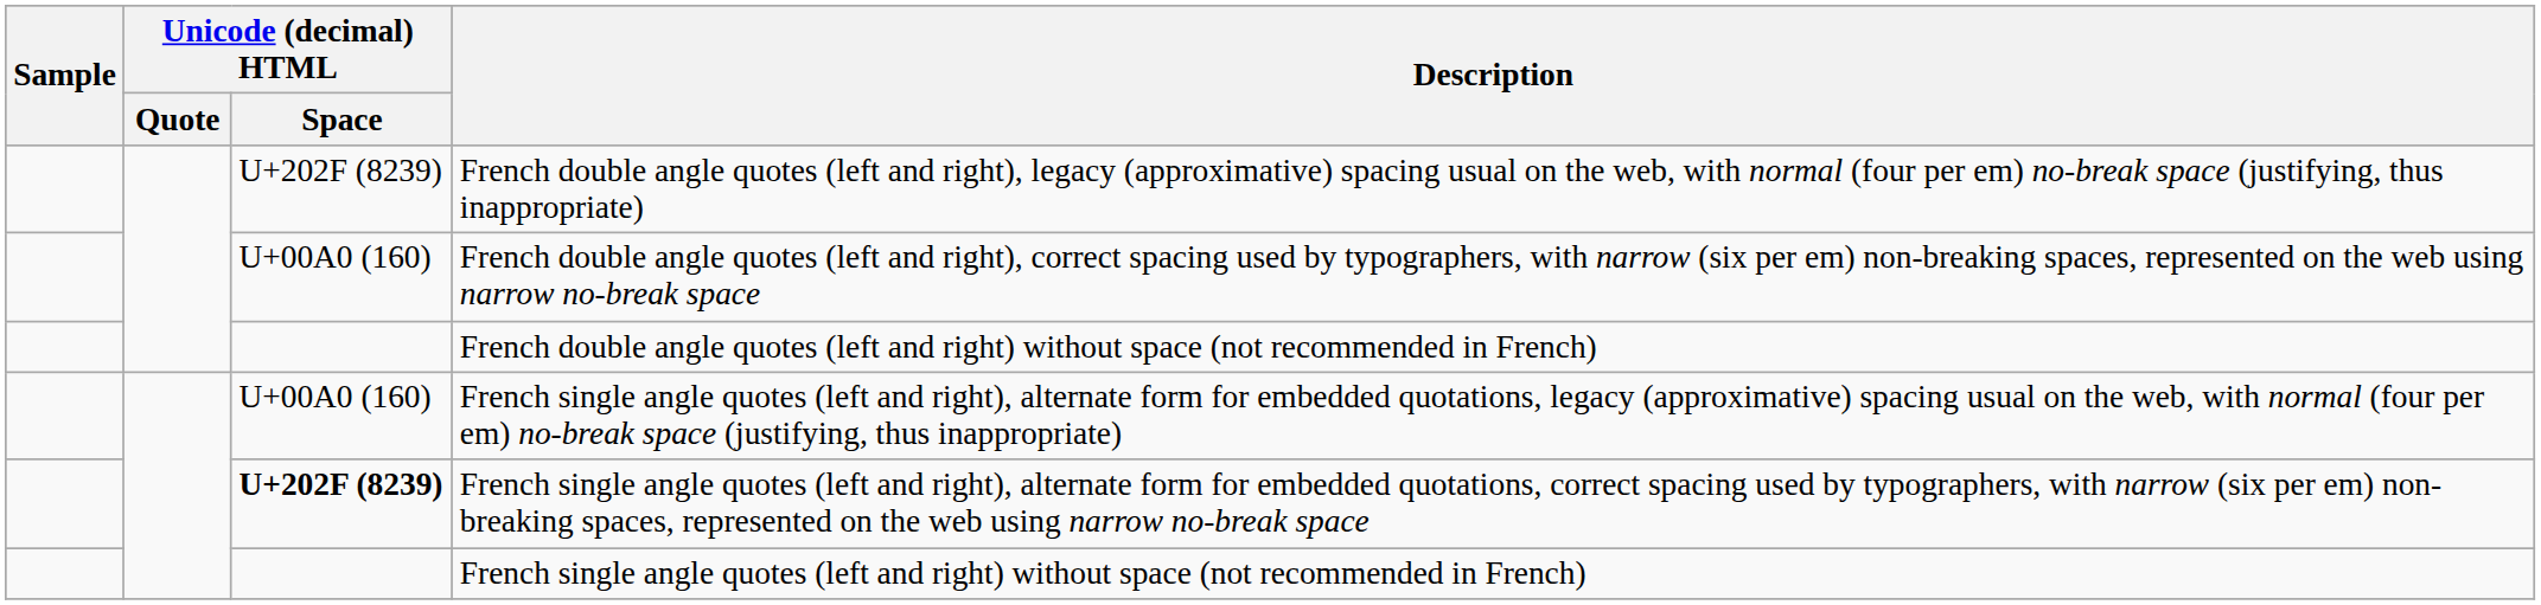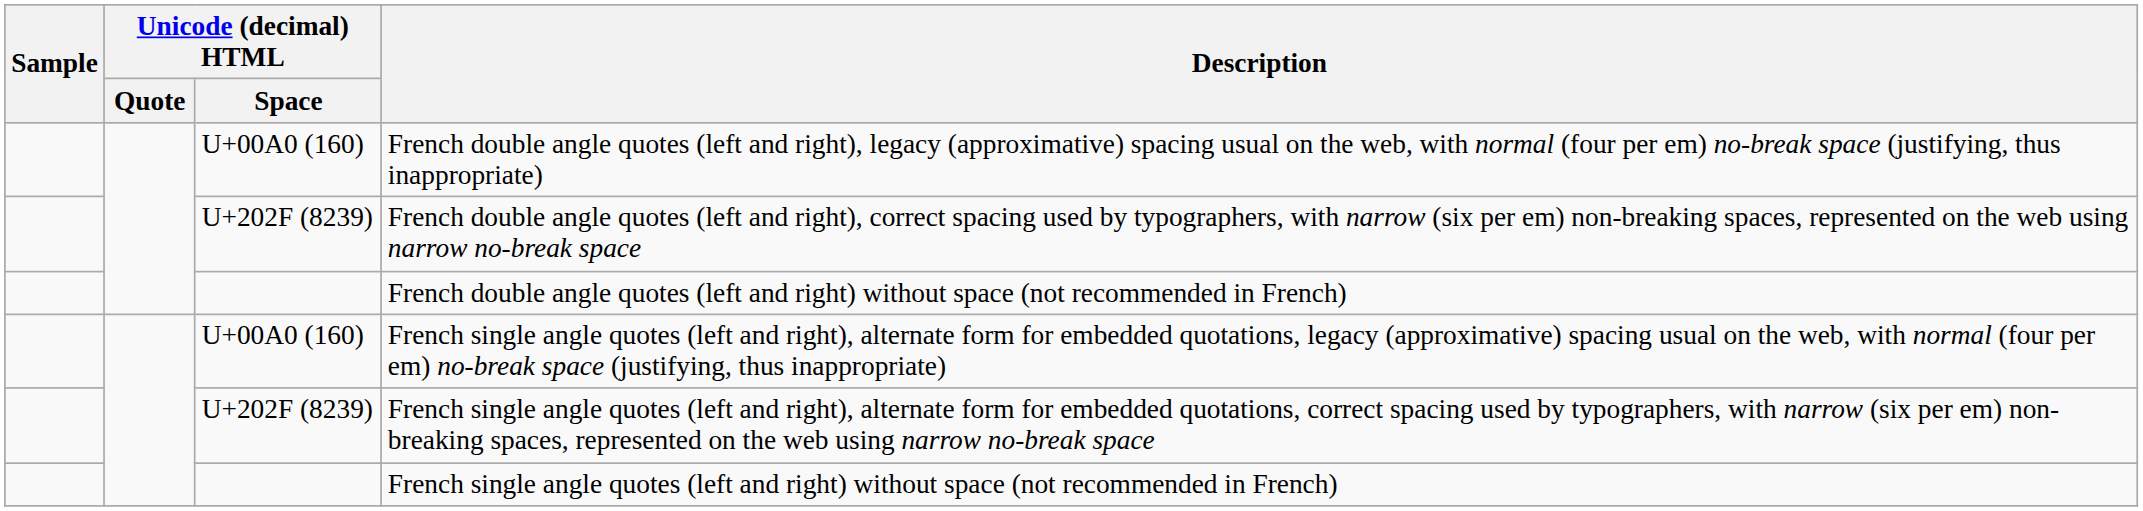 <table class="wikitable">
 <tr>
 <th scope="col" rowspan="2">Sample</th>
 <th scope="col" colspan="2"><a href='#'>Unicode</a> (decimal) HTML</th>
 <th scope="col" rowspan="2">Description</th>
 </tr>
 <tr>
 <th scope="col">Quote</th>
 <th scope="col">Space</th>
 </tr>
 <tr>
 <td></td>
 <td rowspan="3"></td>
-<td>U+202F (8239) <em>&#x202F;</em></td>
+<td>U+00A0 (160) <em>&nbsp;</em></td>
 <td>French double angle quotes (left and right), legacy (approximative) spacing usual on the web, with <em>normal</em> (four per em) <em>no-break space</em> (justifying, thus inappropriate)</td>
 </tr>
 <tr>
 <td></td>
-<td>U+00A0 (160) <em>&nbsp;</em></td>
+<td>U+202F (8239) <em>&#x202F;</em></td>
 <td>French double angle quotes (left and right), correct spacing used by typographers, with <em>narrow</em> (six per em) non-breaking spaces, represented on the web using <em>narrow no-break space</em></td>
 </tr>
 <tr>
 <td></td>
 <td></td>
 <td>French double angle quotes (left and right) without space (not recommended in French)</td>
 </tr>
 <tr>
 <td></td>
 <td rowspan="3"></td>
 <td>U+00A0 (160) <em>&nbsp;</em></td>
 <td>French single angle quotes (left and right), alternate form for embedded quotations, legacy (approximative) spacing usual on the web, with <em>normal</em> (four per em) <em>no-break space</em> (justifying, thus inappropriate)</td>
 </tr>
 <tr>
 <td></td>
-<td><strong>U+202F (8239) <em>&#x202F;</em></strong></td>
+<td>U+202F (8239) <em>&#x202F;</em></td>
 <td>French single angle quotes (left and right), alternate form for embedded quotations, correct spacing used by typographers, with <em>narrow</em> (six per em) non-breaking spaces, represented on the web using <em>narrow no-break space</em></td>
 </tr>
 <tr>
 <td></td>
 <td></td>
 <td>French single angle quotes (left and right) without space (not recommended in French)</td>
 </tr>
 </table>
